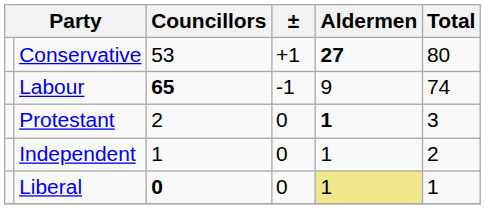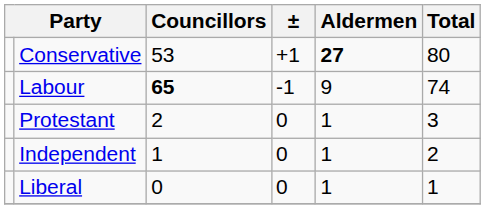 <table class="wikitable">
 <tr>
 <th colspan="2">Party</th>
 <th>Councillors</th>
 <th>  ±  </th>
 <th>Aldermen</th>
 <th>Total</th>
 </tr>
 <tr>
 <td style="background-color: "></td>
 <td><a href='#'>Conservative</a></td>
 <td>53</td>
 <td>+1</td>
 <td><strong>27</strong></td>
 <td>80</td>
 </tr>
 <tr>
 <td style="background-color: "></td>
 <td><a href='#'>Labour</a></td>
 <td><strong>65</strong></td>
 <td>-1</td>
 <td>9</td>
 <td>74</td>
 </tr>
 <tr>
 <td style="background-color: "></td>
 <td><a href='#'>Protestant</a></td>
 <td>2</td>
 <td>0</td>
-<td><strong>1</strong></td>
+<td>1</td>
 <td>3</td>
 </tr>
 <tr>
 <td style="background-color: "></td>
 <td><a href='#'>Independent</a></td>
 <td>1</td>
 <td>0</td>
 <td>1</td>
 <td>2</td>
 </tr>
 <tr>
 <td style="background-color: "></td>
 <td><a href='#'>Liberal</a></td>
-<td><strong>0</strong></td>
 <td>0</td>
-<td style="background: khaki;">1</td>
+<td>0</td>
+<td>1</td>
 <td>1</td>
 </tr>
 <tr>
 </tr>
 </table>
